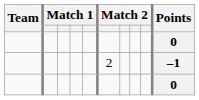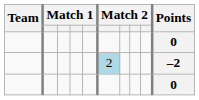 <table class="wikitable sortable" style="text-align:center;">
 <tr>
 <th rowspan=2>Team</th>
 <th colspan=4 style="border-left:3px solid gray">Match 1</th>
 <th colspan=4 style="border-left:3px solid gray">Match 2</th>
 <th rowspan=2 style="border-left:3px solid gray">Points</th>
 </tr>
 <tr>
 <th style="border-left:3px solid gray"></th>
 <th></th>
 <th></th>
 <th></th>
 <th style="border-left:3px solid gray"></th>
 <th></th>
 <th></th>
 <th></th>
 </tr>
 <tr>
 <td align=left></td>
 <td style="border-left:3px solid gray"></td>
 <td></td>
 <td></td>
 <td></td>
 <td style="border-left:3px solid gray"></td>
 <td></td>
 <td></td>
 <td></td>
 <th style="border-left:3px solid gray">0</th>
 </tr>
 <tr>
 <td align=left></td>
 <td style="border-left:3px solid gray"></td>
 <td></td>
 <td></td>
 <td></td>
-<td style="border-left:3px solid gray">2</td>
+<td style="background: lightblue; border-left:3px solid gray">2</td>
 <td></td>
 <td></td>
 <td></td>
-<th style="border-left:3px solid gray">–1</th>
+<th style="border-left:3px solid gray">–2</th>
 </tr>
 <tr>
 <td align=left></td>
 <td style="border-left:3px solid gray"></td>
 <td></td>
 <td></td>
 <td></td>
 <td style="border-left:3px solid gray"></td>
 <td></td>
 <td></td>
 <td></td>
 <th style="border-left:3px solid gray">0</th>
 </tr>
 </table>
